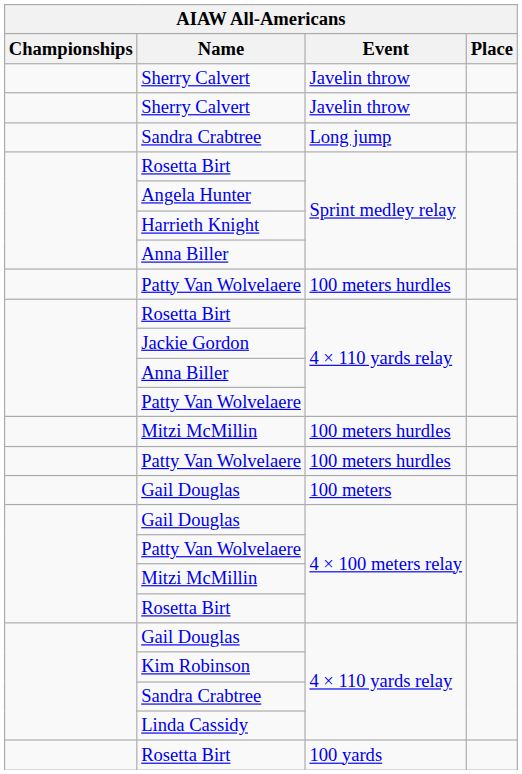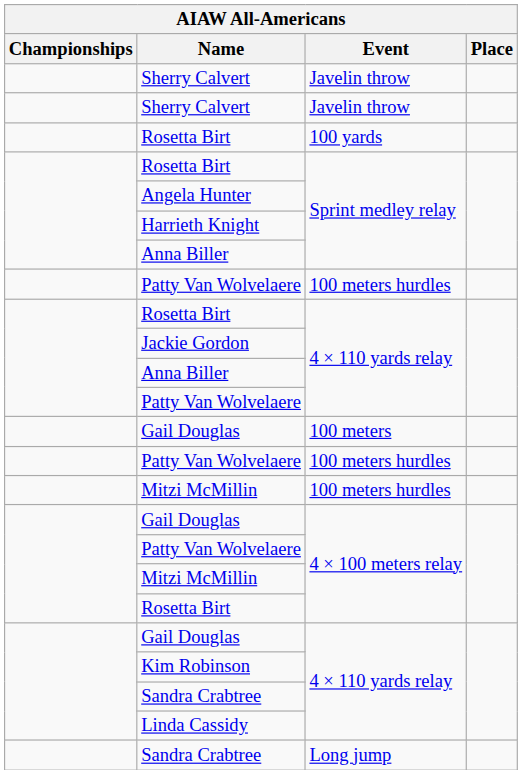 <table class="wikitable sortable">
 <tr>
 <th colspan="4">AIAW All-Americans</th>
 </tr>
 <tr>
 <th scope="col">Championships</th>
 <th scope="col">Name</th>
 <th scope="col">Event</th>
 <th scope="col">Place</th>
 </tr>
 <tr>
 <td></td>
 <td><a href='#'>Sherry Calvert</a></td>
 <td><a href='#'>Javelin throw</a></td>
 <td></td>
 </tr>
 <tr>
 <td></td>
 <td><a href='#'>Sherry Calvert</a></td>
 <td><a href='#'>Javelin throw</a></td>
 <td></td>
 </tr>
 <tr>
 <td></td>
-<td><a href='#'>Sandra Crabtree</a></td>
-<td><a href='#'>Long jump</a></td>
+<td><a href='#'>Rosetta Birt</a></td>
+<td><a href='#'>100 yards</a></td>
 <td></td>
 </tr>
 <tr>
 <td rowspan=4></td>
 <td><a href='#'>Rosetta Birt</a></td>
 <td rowspan=4><a href='#'>Sprint medley relay</a></td>
 <td rowspan=4></td>
 </tr>
 <tr>
 <td><a href='#'>Angela Hunter</a></td>
 </tr>
 <tr>
 <td><a href='#'>Harrieth Knight</a></td>
 </tr>
 <tr>
 <td><a href='#'>Anna Biller</a></td>
 </tr>
 <tr>
 <td></td>
 <td><a href='#'>Patty Van Wolvelaere</a></td>
 <td><a href='#'>100 meters hurdles</a></td>
 <td></td>
 </tr>
 <tr>
 <td rowspan=4></td>
 <td><a href='#'>Rosetta Birt</a></td>
 <td rowspan=4><a href='#'>4 × 110 yards relay</a></td>
 <td rowspan=4></td>
 </tr>
 <tr>
 <td><a href='#'>Jackie Gordon</a></td>
 </tr>
 <tr>
 <td><a href='#'>Anna Biller</a></td>
 </tr>
 <tr>
 <td><a href='#'>Patty Van Wolvelaere</a></td>
 </tr>
 <tr>
 <td></td>
-<td><a href='#'>Mitzi McMillin</a></td>
-<td><a href='#'>100 meters hurdles</a></td>
+<td><a href='#'>Gail Douglas</a></td>
+<td><a href='#'>100 meters</a></td>
 <td></td>
 </tr>
 <tr>
 <td></td>
 <td><a href='#'>Patty Van Wolvelaere</a></td>
 <td><a href='#'>100 meters hurdles</a></td>
 <td></td>
 </tr>
 <tr>
 <td></td>
-<td><a href='#'>Gail Douglas</a></td>
-<td><a href='#'>100 meters</a></td>
+<td><a href='#'>Mitzi McMillin</a></td>
+<td><a href='#'>100 meters hurdles</a></td>
 <td></td>
 </tr>
 <tr>
 <td rowspan=4></td>
 <td><a href='#'>Gail Douglas</a></td>
 <td rowspan=4><a href='#'>4 × 100 meters relay</a></td>
 <td rowspan=4></td>
 </tr>
 <tr>
 <td><a href='#'>Patty Van Wolvelaere</a></td>
 </tr>
 <tr>
 <td><a href='#'>Mitzi McMillin</a></td>
 </tr>
 <tr>
 <td><a href='#'>Rosetta Birt</a></td>
 </tr>
 <tr>
 <td rowspan=4></td>
 <td><a href='#'>Gail Douglas</a></td>
 <td rowspan=4><a href='#'>4 × 110 yards relay</a></td>
 <td rowspan=4></td>
 </tr>
 <tr>
 <td><a href='#'>Kim Robinson</a></td>
 </tr>
 <tr>
 <td><a href='#'>Sandra Crabtree</a></td>
 </tr>
 <tr>
 <td><a href='#'>Linda Cassidy</a></td>
 </tr>
 <tr>
 <td></td>
-<td><a href='#'>Rosetta Birt</a></td>
-<td><a href='#'>100 yards</a></td>
+<td><a href='#'>Sandra Crabtree</a></td>
+<td><a href='#'>Long jump</a></td>
 <td></td>
 </tr>
 </table>
